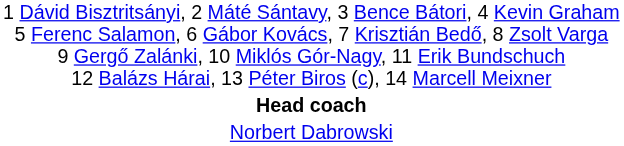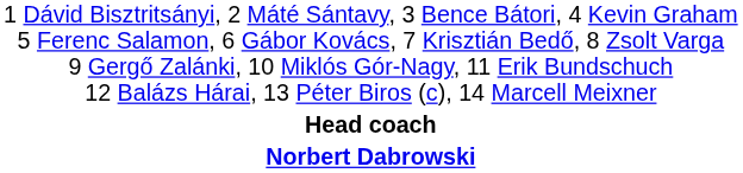 <table style="text-align: center; margin-top: 2em; margin-left: auto; margin-right: auto">
 <tr>
 <td>1 <a href='#'>Dávid Bisztritsányi</a>, 2 <a href='#'>Máté Sántavy</a>, 3 <a href='#'>Bence Bátori</a>, 4 <a href='#'>Kevin Graham</a><br>5 <a href='#'>Ferenc Salamon</a>, 6 <a href='#'>Gábor Kovács</a>, 7 <a href='#'>Krisztián Bedő</a>, 8 <a href='#'>Zsolt Varga</a><br>9 <a href='#'>Gergő Zalánki</a>, 10 <a href='#'>Miklós Gór-Nagy</a>, 11 <a href='#'>Erik Bundschuch</a><br>12 <a href='#'>Balázs Hárai</a>, 13 <a href='#'>Péter Biros</a> (<a href='#'>c</a>), 14 <a href='#'>Marcell Meixner</a></td>
 </tr>
 <tr>
 <td><strong>Head coach</strong></td>
 </tr>
 <tr>
-<td><a href='#'>Norbert Dabrowski</a></td>
+<td><strong><a href='#'>Norbert Dabrowski</a></strong></td>
 </tr>
 </table>
